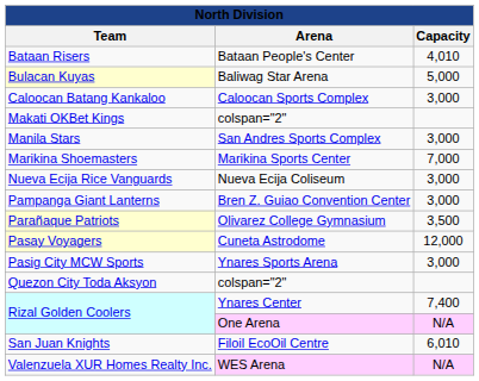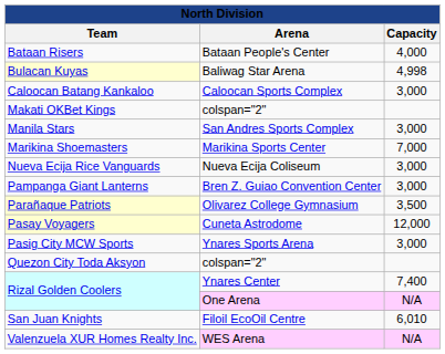 <table class="wikitable">
 <tr>
 <th colspan="3" style="background:#1D428A;"><span>North Division</span></th>
 </tr>
 <tr>
 <th>Team</th>
 <th>Arena</th>
 <th>Capacity</th>
 </tr>
 <tr>
 <td><a href='#'>Bataan Risers</a></td>
 <td>Bataan People's Center</td>
-<td align=center>4,010</td>
+<td align=center>4,000</td>
 </tr>
 <tr>
 <td style="background:#FFFFCF;"><a href='#'>Bulacan Kuyas</a></td>
 <td>Baliwag Star Arena</td>
-<td align=center>5,000</td>
+<td align=center>4,998</td>
 </tr>
 <tr>
 <td><a href='#'>Caloocan Batang Kankaloo</a></td>
 <td><a href='#'>Caloocan Sports Complex</a></td>
 <td align=center>3,000</td>
 </tr>
 <tr>
 <td><a href='#'>Makati OKBet Kings</a></td>
 <td>colspan="2" </td>
 </tr>
 <tr>
 <td><a href='#'>Manila Stars</a></td>
 <td><a href='#'>San Andres Sports Complex</a></td>
 <td align=center>3,000</td>
 </tr>
 <tr>
 <td><a href='#'>Marikina Shoemasters</a></td>
 <td><a href='#'>Marikina Sports Center</a></td>
 <td align=center>7,000</td>
 </tr>
 <tr>
 <td><a href='#'>Nueva Ecija Rice Vanguards</a></td>
 <td>Nueva Ecija Coliseum</td>
 <td align=center>3,000</td>
 </tr>
 <tr>
 <td><a href='#'>Pampanga Giant Lanterns</a></td>
 <td><a href='#'>Bren Z. Guiao Convention Center</a></td>
 <td align=center>3,000</td>
 </tr>
 <tr>
 <td style="background:#FFFFCF;"><a href='#'>Parañaque Patriots</a></td>
 <td><a href='#'>Olivarez College Gymnasium</a></td>
 <td align=center>3,500</td>
 </tr>
 <tr>
 <td style="background:#FFFFCF;"><a href='#'>Pasay Voyagers</a></td>
 <td><a href='#'>Cuneta Astrodome</a></td>
 <td align=center>12,000</td>
 </tr>
 <tr>
 <td><a href='#'>Pasig City MCW Sports</a></td>
 <td><a href='#'>Ynares Sports Arena</a></td>
 <td align=center>3,000</td>
 </tr>
 <tr>
 <td><a href='#'>Quezon City Toda Aksyon</a></td>
 <td>colspan="2" </td>
 </tr>
 <tr>
 <td rowspan="2" style="background:#CFFFFF;"><a href='#'>Rizal Golden Coolers</a></td>
 <td><a href='#'>Ynares Center</a></td>
 <td align=center>7,400</td>
 </tr>
 <tr>
 <td style="background:#FFCFFF;">One Arena</td>
 <td align=center style="background:#FFCFFF;">N/A</td>
 </tr>
 <tr>
 <td><a href='#'>San Juan Knights</a></td>
 <td><a href='#'>Filoil EcoOil Centre</a></td>
 <td align=center>6,010</td>
 </tr>
 <tr>
 <td><a href='#'>Valenzuela XUR Homes Realty Inc.</a></td>
 <td style="background:#FFCFFF;">WES Arena</td>
 <td align=center style="background:#FFCFFF;">N/A</td>
 </tr>
 </table>
